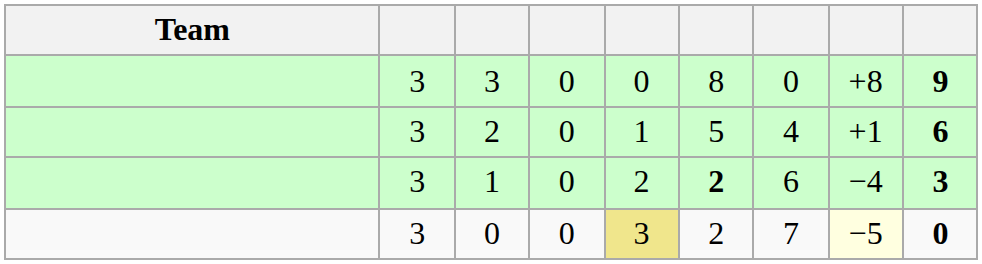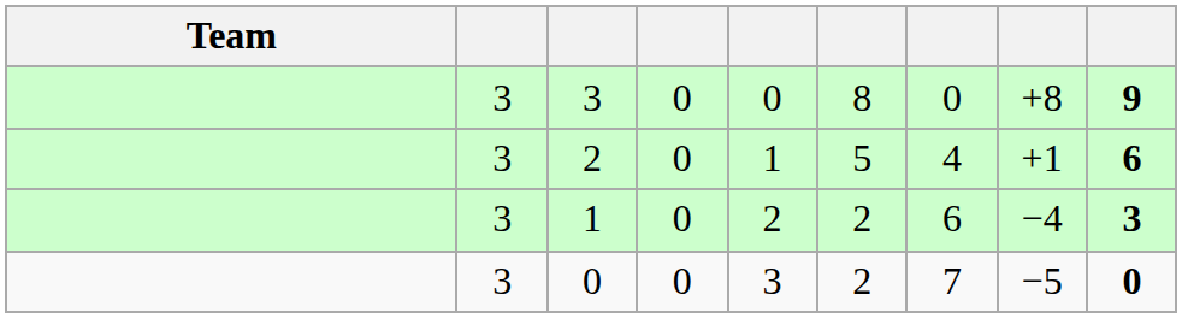 <table class="wikitable" style="text-align: center;">
 <tr>
 <th width="180">Team</th>
 <th width="30"></th>
 <th width="30"></th>
 <th width="30"></th>
 <th width="30"></th>
 <th width="30"></th>
 <th width="30"></th>
 <th width="30"></th>
 <th width="30"></th>
 </tr>
 <tr bgcolor=#ccffcc>
 <td style="text-align:left;"></td>
 <td>3</td>
 <td>3</td>
 <td>0</td>
 <td>0</td>
 <td>8</td>
 <td>0</td>
 <td>+8</td>
 <td><strong>9</strong></td>
 </tr>
 <tr bgcolor=#ccffcc>
 <td style="text-align:left;"></td>
 <td>3</td>
 <td>2</td>
 <td>0</td>
 <td>1</td>
 <td>5</td>
 <td>4</td>
 <td>+1</td>
 <td><strong>6</strong></td>
 </tr>
 <tr bgcolor=#ccffcc>
 <td style="text-align:left;"></td>
 <td>3</td>
 <td>1</td>
 <td>0</td>
 <td>2</td>
-<td><strong>2</strong></td>
+<td>2</td>
 <td>6</td>
 <td>−4</td>
 <td><strong>3</strong></td>
 </tr>
 <tr>
 <td style="text-align:left;"></td>
 <td>3</td>
 <td>0</td>
 <td>0</td>
-<td style="background: khaki;">3</td>
+<td>3</td>
 <td>2</td>
 <td>7</td>
-<td style="background: lightyellow;">−5</td>
+<td>−5</td>
 <td><strong>0</strong></td>
 </tr>
 </table>
